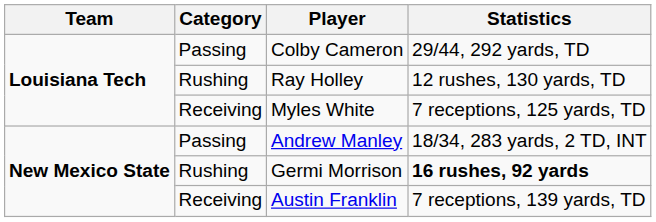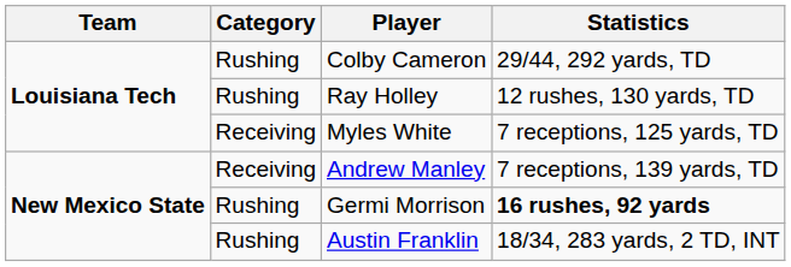 <table class="wikitable" style="float: left;">
 <tr>
 <th>Team</th>
 <th>Category</th>
 <th>Player</th>
 <th>Statistics</th>
 </tr>
 <tr>
 <td rowspan=3><strong>Louisiana Tech</strong></td>
-<td>Passing</td>
+<td>Rushing</td>
 <td>Colby Cameron</td>
 <td>29/44, 292 yards, TD</td>
 </tr>
 <tr>
 <td>Rushing</td>
 <td>Ray Holley</td>
 <td>12 rushes, 130 yards, TD</td>
 </tr>
 <tr>
 <td>Receiving</td>
 <td>Myles White</td>
 <td>7 receptions, 125 yards, TD</td>
 </tr>
 <tr>
 <td rowspan=3><strong>New Mexico State</strong></td>
-<td>Passing</td>
+<td>Receiving</td>
 <td><a href='#'>Andrew Manley</a></td>
-<td>18/34, 283 yards, 2 TD, INT</td>
+<td>7 receptions, 139 yards, TD</td>
 </tr>
 <tr>
 <td>Rushing</td>
 <td>Germi Morrison</td>
 <td><strong>16 rushes, 92 yards</strong></td>
 </tr>
 <tr>
-<td>Receiving</td>
+<td>Rushing</td>
 <td><a href='#'>Austin Franklin</a></td>
-<td>7 receptions, 139 yards, TD</td>
+<td>18/34, 283 yards, 2 TD, INT</td>
 </tr>
 </table>
